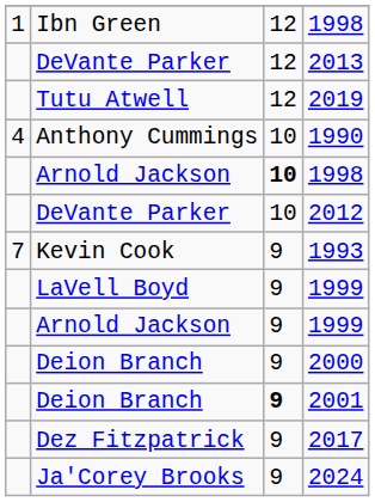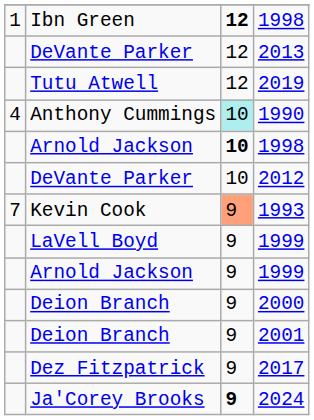 <table class="wikitable">
 <tr>
 </tr>
 <tr>
 <td>1</td>
 <td>Ibn Green</td>
-<td>12</td>
+<td><strong>12</strong></td>
 <td><a href='#'>1998</a></td>
 </tr>
 <tr>
 <td></td>
 <td><a href='#'>DeVante Parker</a></td>
 <td>12</td>
 <td><a href='#'>2013</a></td>
 </tr>
 <tr>
 <td></td>
 <td><a href='#'>Tutu Atwell</a></td>
 <td>12</td>
 <td><a href='#'>2019</a></td>
 </tr>
 <tr>
 <td>4</td>
 <td>Anthony Cummings</td>
-<td>10</td>
+<td style="background: paleturquoise;">10</td>
 <td><a href='#'>1990</a></td>
 </tr>
 <tr>
 <td></td>
 <td><a href='#'>Arnold Jackson</a></td>
 <td><strong>10</strong></td>
 <td><a href='#'>1998</a></td>
 </tr>
 <tr>
 <td></td>
 <td><a href='#'>DeVante Parker</a></td>
 <td>10</td>
 <td><a href='#'>2012</a></td>
 </tr>
 <tr>
 <td>7</td>
 <td>Kevin Cook</td>
-<td>9</td>
+<td style="background: lightsalmon;">9</td>
 <td><a href='#'>1993</a></td>
 </tr>
 <tr>
 <td></td>
 <td><a href='#'>LaVell Boyd</a></td>
 <td>9</td>
 <td><a href='#'>1999</a></td>
 </tr>
 <tr>
 <td></td>
 <td><a href='#'>Arnold Jackson</a></td>
 <td>9</td>
 <td><a href='#'>1999</a></td>
 </tr>
 <tr>
 <td></td>
 <td><a href='#'>Deion Branch</a></td>
 <td>9</td>
 <td><a href='#'>2000</a></td>
 </tr>
 <tr>
 <td></td>
 <td><a href='#'>Deion Branch</a></td>
-<td><strong>9</strong></td>
+<td>9</td>
 <td><a href='#'>2001</a></td>
 </tr>
 <tr>
 <td></td>
 <td><a href='#'>Dez Fitzpatrick</a></td>
 <td>9</td>
 <td><a href='#'>2017</a></td>
 </tr>
 <tr>
 <td></td>
 <td><a href='#'>Ja'Corey Brooks</a></td>
-<td>9</td>
+<td><strong>9</strong></td>
 <td><a href='#'>2024</a></td>
 </tr>
 </table>
